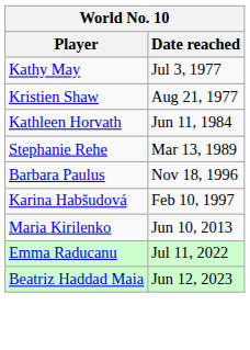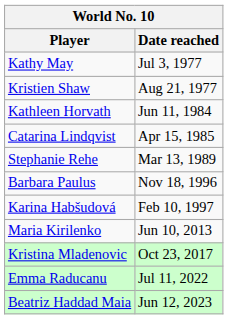 <table class="wikitable nowrap" style="display:inline-table; font-size:85%">
 <tr>
 <th colspan="2">World No. 10</th>
 </tr>
 <tr>
 <th>Player</th>
 <th>Date reached</th>
 </tr>
 <tr>
 <td> <a href='#'>Kathy May</a></td>
 <td>Jul 3, 1977</td>
 </tr>
 <tr>
 <td> <a href='#'>Kristien Shaw</a></td>
 <td>Aug 21, 1977</td>
 </tr>
 <tr>
 <td> <a href='#'>Kathleen Horvath</a></td>
 <td>Jun 11, 1984</td>
 </tr>
 <tr>
+<td> <a href='#'>Catarina Lindqvist</a></td>
+<td>Apr 15, 1985</td>
+</tr>
+<tr>
 <td> <a href='#'>Stephanie Rehe</a></td>
 <td>Mar 13, 1989</td>
 </tr>
 <tr>
 <td> <a href='#'>Barbara Paulus</a></td>
 <td>Nov 18, 1996</td>
 </tr>
 <tr>
 <td> <a href='#'>Karina Habšudová</a></td>
 <td>Feb 10, 1997</td>
 </tr>
 <tr>
 <td> <a href='#'>Maria Kirilenko</a></td>
 <td>Jun 10, 2013</td>
 </tr>
 <tr bgcolor=ccffcc>
+<td> <a href='#'>Kristina Mladenovic</a></td>
+<td>Oct 23, 2017</td>
+</tr>
+<tr bgcolor=ccffcc>
 <td> <a href='#'>Emma Raducanu</a></td>
 <td>Jul 11, 2022</td>
 </tr>
 <tr bgcolor=ccffcc>
 <td> <a href='#'>Beatriz Haddad Maia</a></td>
 <td>Jun 12, 2023</td>
 </tr>
 </table>
